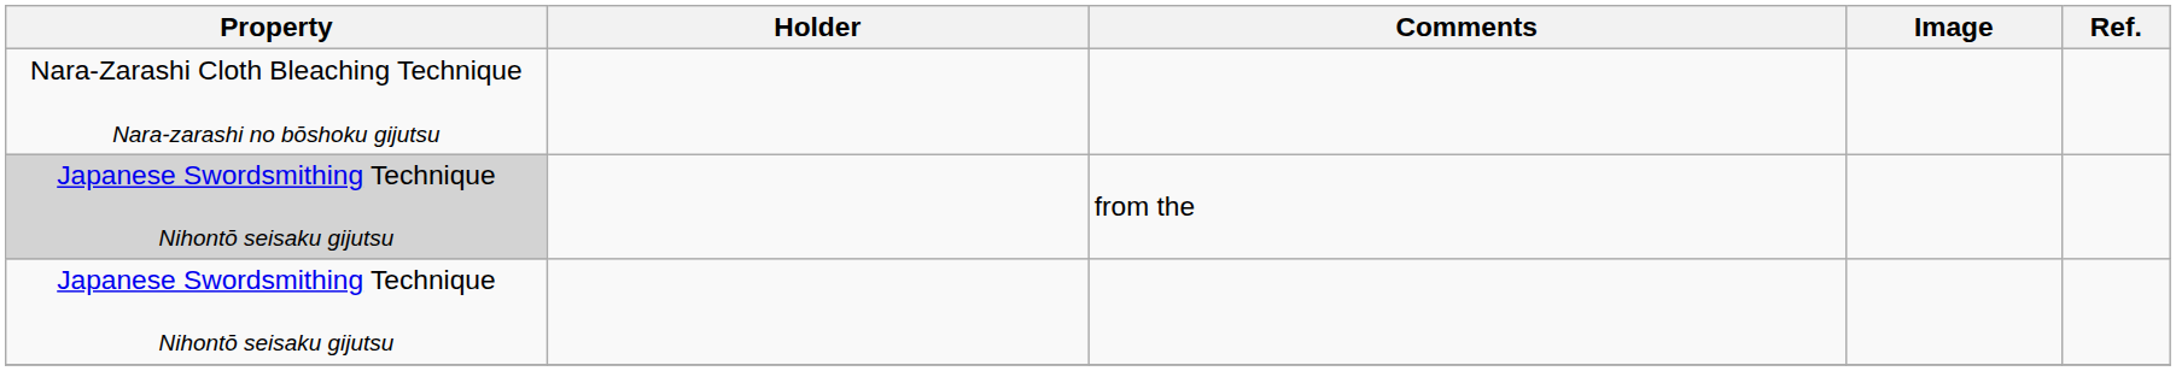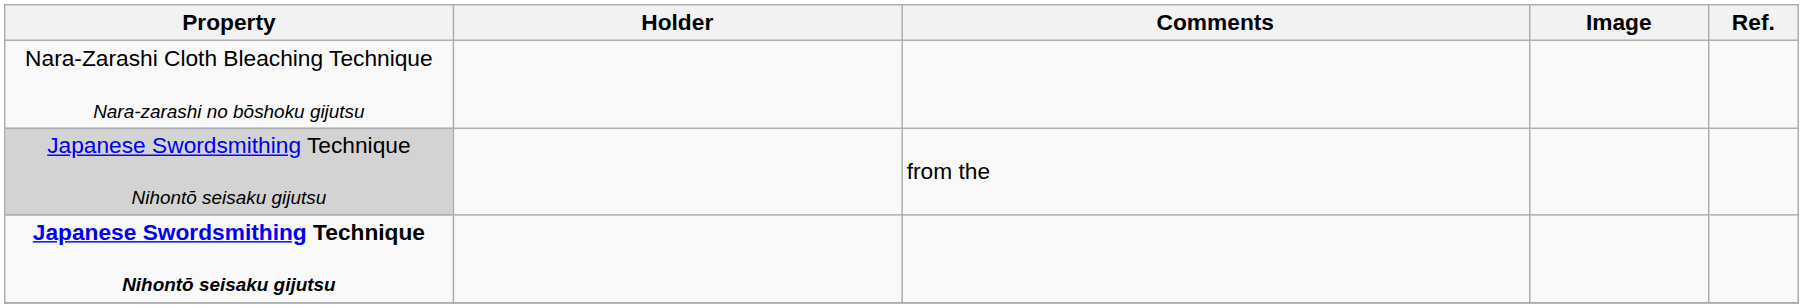 <table class="wikitable sortable"  style="width:100%;">
 <tr>
 <th width="25%" align="left">Property</th>
 <th width="25%" align="left">Holder</th>
 <th width="35%" align="left" class="unsortable">Comments</th>
 <th width="10%" align="left" class="unsortable">Image</th>
 <th width="5%" align="left" class="unsortable">Ref.</th>
 </tr>
 <tr>
 <td align="center">Nara-Zarashi Cloth Bleaching Technique<br><br><small><em>Nara-zarashi no bōshoku gijutsu</em></small></td>
 <td></td>
 <td></td>
 <td></td>
 <td></td>
 </tr>
 <tr>
 <td align="center" style="background: lightgrey;"><a href='#'>Japanese Swordsmithing</a> Technique<br><br><small><em>Nihontō seisaku gijutsu</em></small></td>
 <td></td>
 <td>from the </td>
 <td></td>
 <td></td>
 </tr>
 <tr>
-<td align="center"><a href='#'>Japanese Swordsmithing</a> Technique<br><br><small><em>Nihontō seisaku gijutsu</em></small></td>
+<td align="center"><strong><a href='#'>Japanese Swordsmithing</a> Technique<br><br><small><em>Nihontō seisaku gijutsu</em></small></strong></td>
 <td></td>
 <td></td>
 <td></td>
 <td></td>
 </tr>
 <tr>
 </tr>
 </table>
